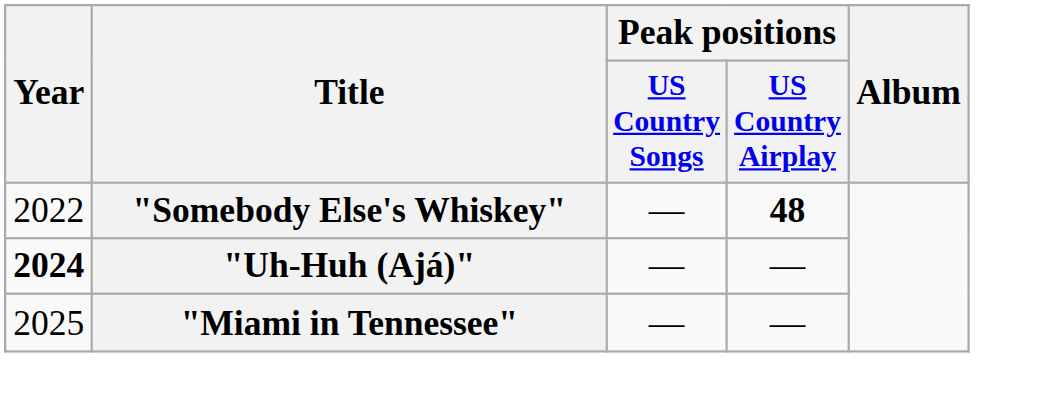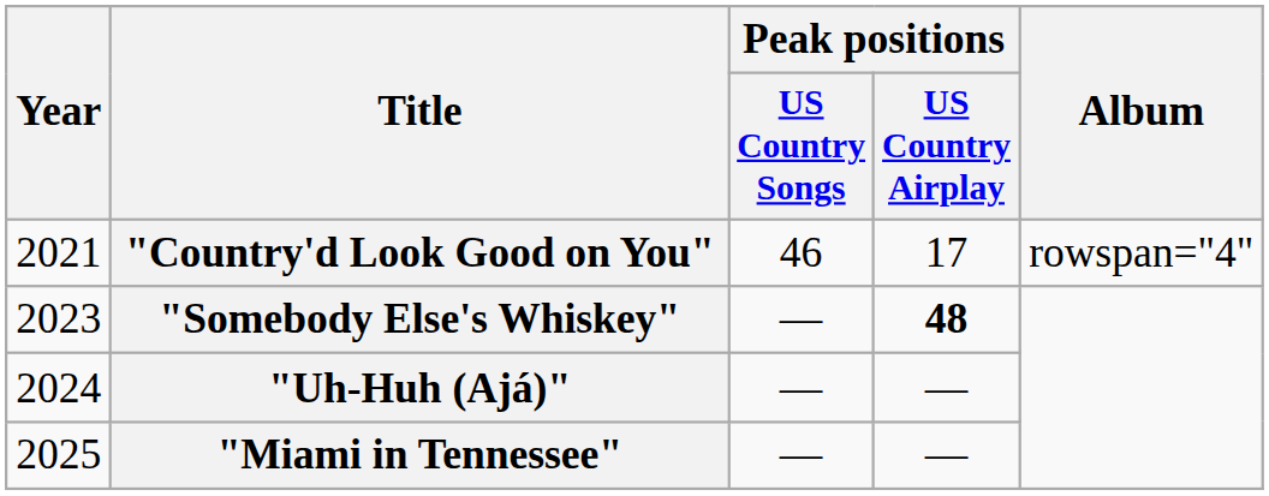 <table class="wikitable plainrowheaders" style="text-align:center;">
 <tr>
 <th rowspan="2">Year</th>
 <th rowspan="2" style="width:14em;">Title</th>
 <th colspan="2">Peak positions</th>
 <th rowspan="2">Album</th>
 </tr>
 <tr style="font-size:smaller;">
 <th style="width:45px;"><a href='#'>US<br>Country<br>Songs</a><br></th>
 <th style="width:45px;"><a href='#'>US Country Airplay</a><br></th>
 </tr>
 <tr>
-<td>2022</td>
+<td>2021</td>
+<th scope="row">"Country'd Look Good on You"</th>
+<td>46</td>
+<td>17</td>
+<td>rowspan="4" </td>
+</tr>
+<tr>
+<td>2023</td>
 <th scope="row">"Somebody Else's Whiskey"</th>
 <td>—</td>
 <td><strong>48</strong></td>
 </tr>
 <tr>
-<td><strong>2024</strong></td>
+<td>2024</td>
 <th scope="row">"Uh-Huh (Ajá)"</th>
 <td>—</td>
 <td>—</td>
 </tr>
 <tr>
 <td>2025</td>
 <th scope="row">"Miami in Tennessee"</th>
 <td>—</td>
 <td>—</td>
 </tr>
 </table>
